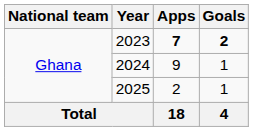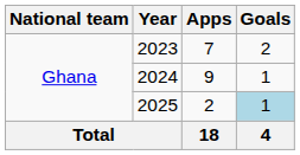 <table class="wikitable" style="text-align:center">
 <tr>
 <th>National team</th>
 <th>Year</th>
 <th>Apps</th>
 <th>Goals</th>
 </tr>
 <tr>
 <td rowspan="3"><a href='#'>Ghana</a></td>
 <td>2023</td>
-<td><strong>7</strong></td>
-<td><strong>2</strong></td>
+<td>7</td>
+<td>2</td>
 </tr>
 <tr>
 <td>2024</td>
 <td>9</td>
 <td>1</td>
 </tr>
 <tr>
 <td>2025</td>
 <td>2</td>
-<td>1</td>
+<td style="background: lightblue;">1</td>
 </tr>
 <tr>
 <th colspan="2">Total</th>
 <th>18</th>
 <th>4</th>
 </tr>
 </table>
